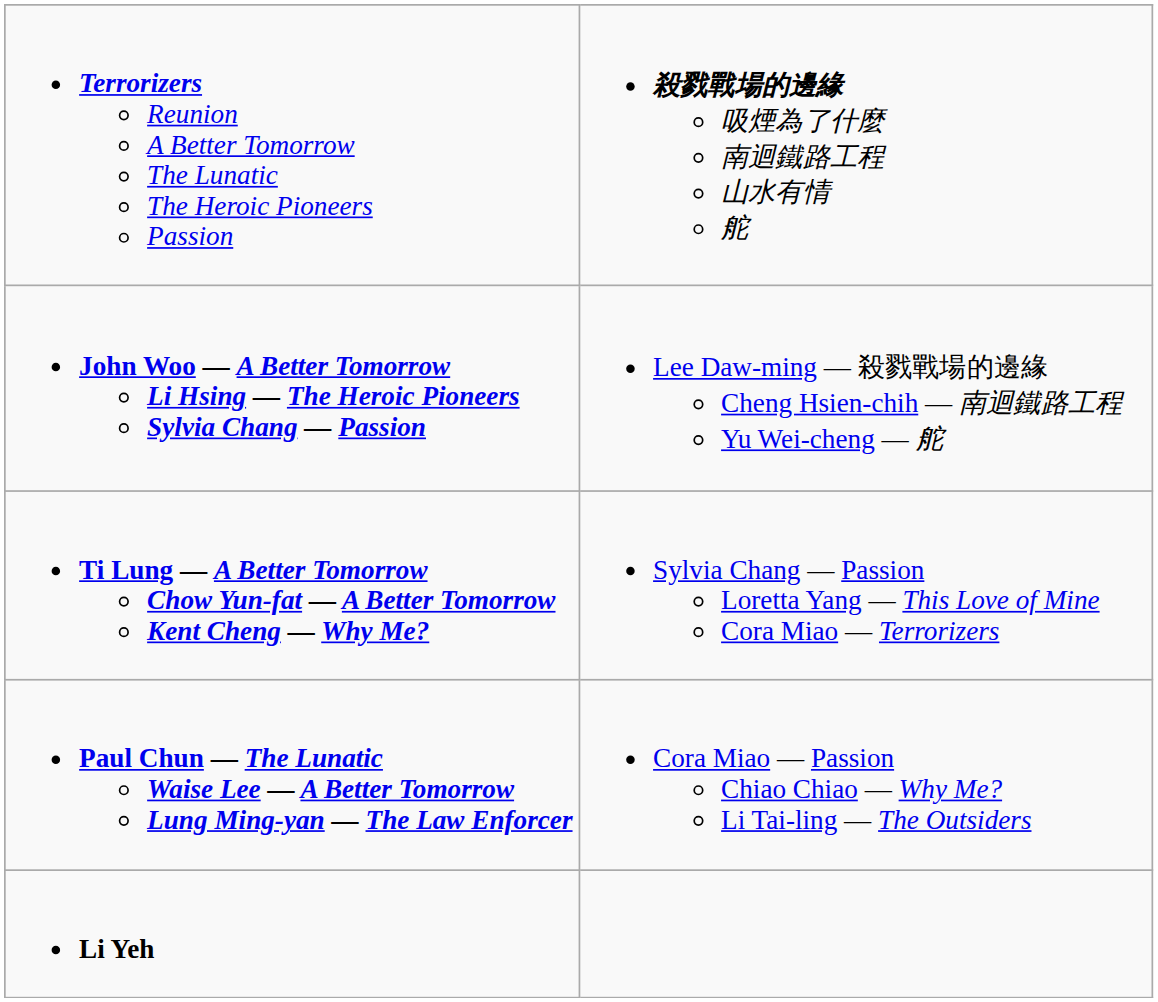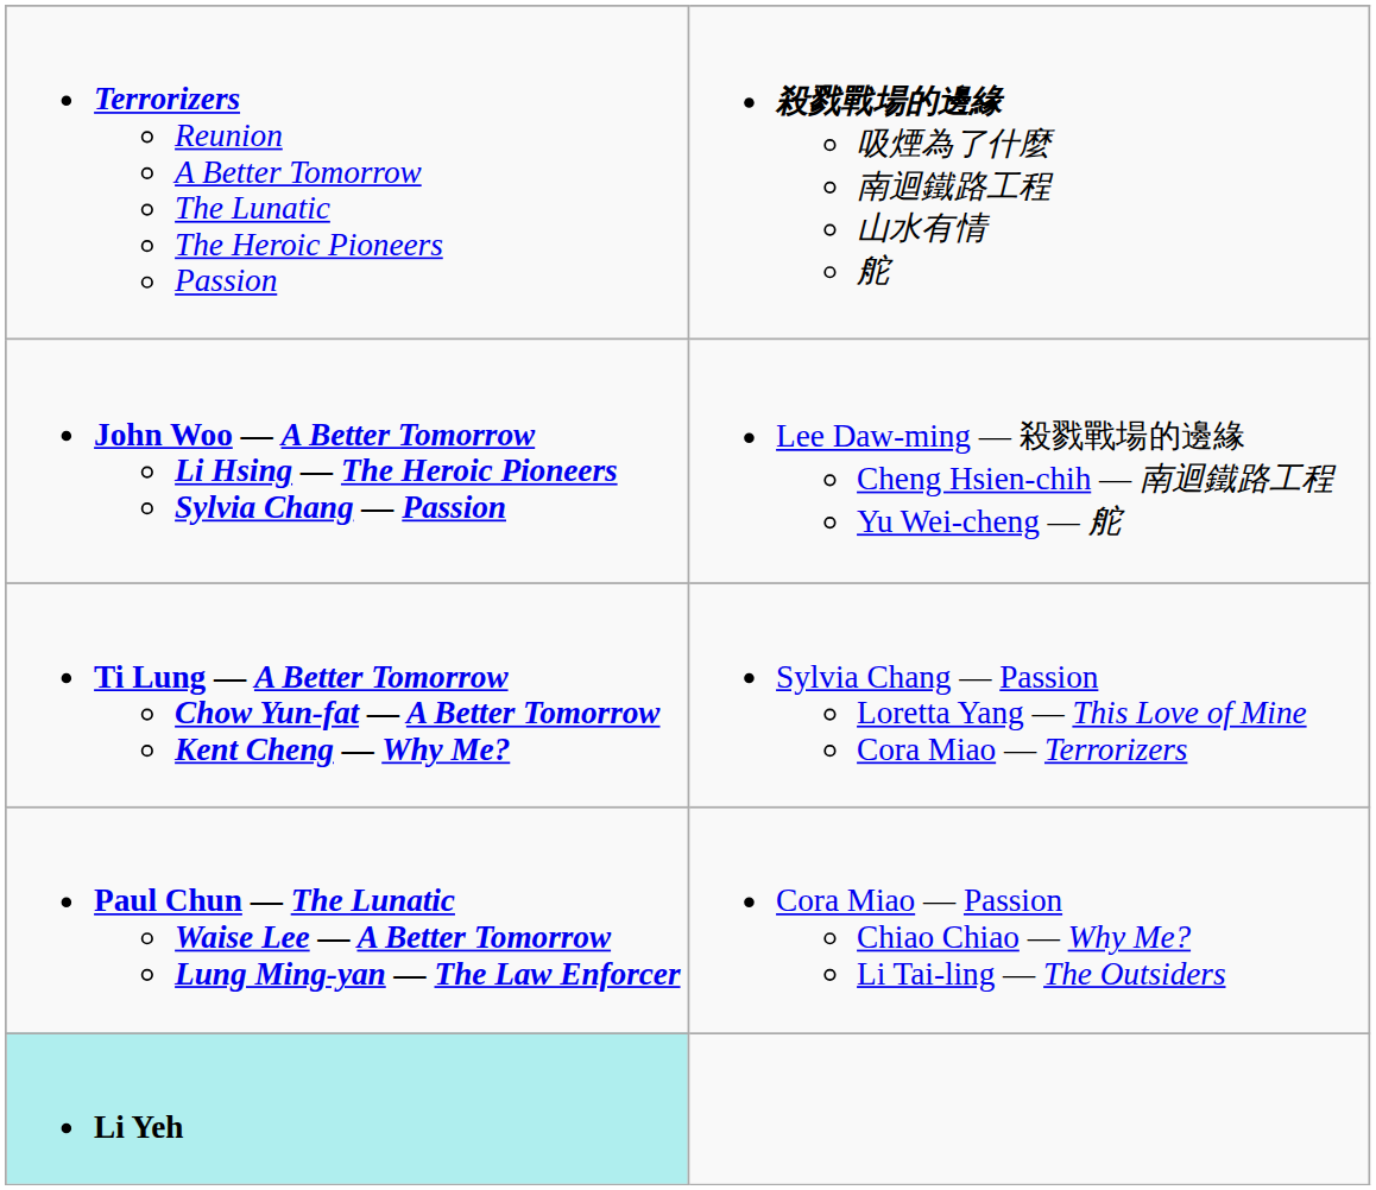 <table class=wikitable>
 <tr>
 <td valign="top" width="50%"><br><ul><li><strong><em><a href='#'>Terrorizers</a></em></strong><ul><li><em><a href='#'>Reunion</a></em></li><li><em><a href='#'>A Better Tomorrow</a></em></li><li><em><a href='#'>The Lunatic</a></em></li><li><em><a href='#'>The Heroic Pioneers</a></em></li><li><em><a href='#'>Passion</a></em></li></ul></li></ul></td>
 <td valign="top" width="50%"><br><ul><li><strong><em>殺戮戰場的邊緣</em></strong><ul><li><em>吸煙為了什麼</em></li><li><em>南迴鐵路工程</em></li><li><em>山水有情</em></li><li><em>舵</em></li></ul></li></ul></td>
 </tr>
 <tr>
 <td valign="top" width="50%"><br><ul><li><strong><a href='#'>John Woo</a> — <em><a href='#'>A Better Tomorrow</a><strong><em><ul><li><a href='#'>Li Hsing</a>  — </em><a href='#'>The Heroic Pioneers</a><em></li><li><a href='#'>Sylvia Chang</a> — </em><a href='#'>Passion</a><em></li></ul></li></ul></td>
 <td valign="top" width="50%"><br><ul><li></strong><a href='#'>Lee Daw-ming</a> — </em>殺戮戰場的邊緣</em></strong><ul><li><a href='#'>Cheng Hsien-chih</a>  — <em>南迴鐵路工程</em></li><li><a href='#'>Yu Wei-cheng</a> — <em>舵</em></li></ul></li></ul></td>
 </tr>
 <tr>
 <td valign="top" width="50%"><br><ul><li><strong><a href='#'>Ti Lung</a> — <em><a href='#'>A Better Tomorrow</a><strong><em><ul><li><a href='#'>Chow Yun-fat</a> — </em><a href='#'>A Better Tomorrow</a><em></li><li><a href='#'>Kent Cheng</a> — </em><a href='#'>Why Me?</a><em></li></ul></li></ul></td>
 <td valign="top" width="50%"><br><ul><li></strong><a href='#'>Sylvia Chang</a> — </em><a href='#'>Passion</a></em></strong><ul><li><a href='#'>Loretta Yang</a> — <em><a href='#'>This Love of Mine</a></em></li><li><a href='#'>Cora Miao</a> — <em><a href='#'>Terrorizers</a></em></li></ul></li></ul></td>
 </tr>
 <tr>
 <td valign="top" width="50%"><br><ul><li><strong><a href='#'>Paul Chun</a> — <em><a href='#'>The Lunatic</a><strong><em><ul><li><a href='#'>Waise Lee</a> — </em><a href='#'>A Better Tomorrow</a><em></li><li><a href='#'>Lung Ming-yan</a> — </em><a href='#'>The Law Enforcer</a><em></li></ul></li></ul></td>
 <td valign="top" width="50%"><br><ul><li></strong><a href='#'>Cora Miao</a> — </em><a href='#'>Passion</a></em></strong><ul><li><a href='#'>Chiao Chiao</a> — <em><a href='#'>Why Me?</a></em></li><li><a href='#'>Li Tai-ling</a> — <em><a href='#'>The Outsiders</a></em></li></ul></li></ul></td>
 </tr>
 <tr>
-<td valign="top" width="50%"><br><ul><li><strong>Li Yeh</strong></li></ul></td>
+<td valign="top" width="50%" style="background: paleturquoise;"><br><ul><li><strong>Li Yeh</strong></li></ul></td>
 </tr>
 </table>
